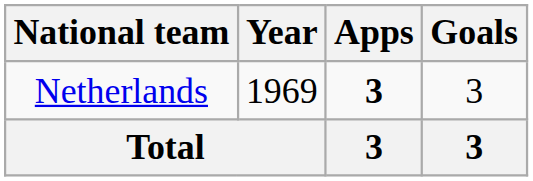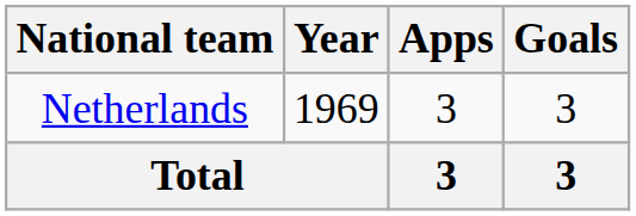 <table class=wikitable style=text-align:center>
 <tr>
 <th>National team</th>
 <th>Year</th>
 <th>Apps</th>
 <th>Goals</th>
 </tr>
 <tr>
 <td rowspan="1"><a href='#'>Netherlands</a></td>
 <td>1969</td>
-<td><strong>3</strong></td>
+<td>3</td>
 <td>3</td>
 </tr>
 <tr>
 <th colspan="2">Total</th>
 <th>3</th>
 <th>3</th>
 </tr>
 </table>
